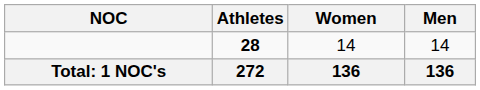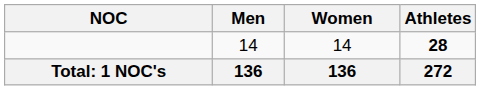 <table class="wikitable" width=400 style="text-align:center; font-size:90%">
 <tr>
 <th>NOC</th>
+<th>Men</th>
+<th>Women</th>
 <th width=55>Athletes</th>
-<th>Women</th>
-<th>Men</th>
 </tr>
 <tr>
 <td align=left></td>
-<td><strong>28</strong></td>
 <td>14</td>
 <td>14</td>
+<td><strong>28</strong></td>
 </tr>
 <tr>
 <th>Total: 1 NOC's</th>
-<th>272</th>
 <th>136</th>
 <th>136</th>
+<th>272</th>
 </tr>
 </table>
